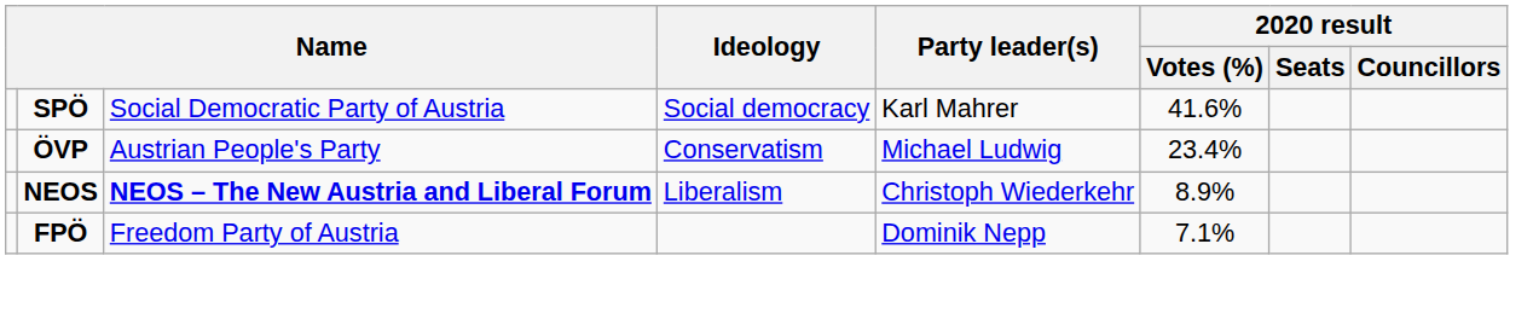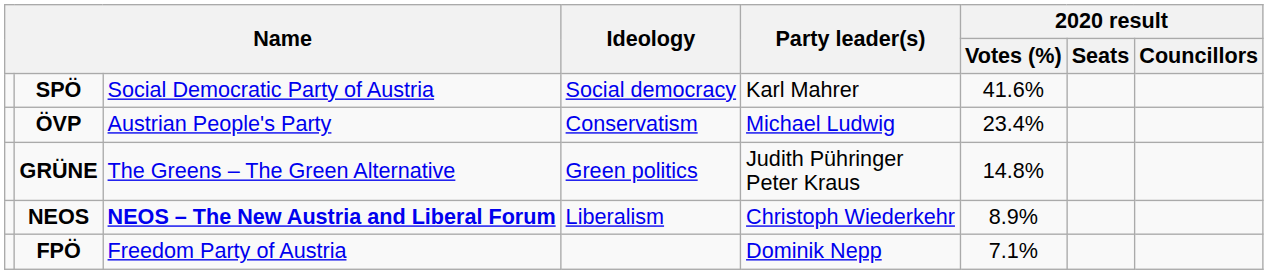 <table class="wikitable">
 <tr>
 <th colspan="3" rowspan="2">Name</th>
 <th rowspan="2">Ideology</th>
 <th rowspan="2">Party leader(s)</th>
 <th colspan="3">2020 result</th>
 </tr>
 <tr>
 <th>Votes (%)</th>
 <th>Seats</th>
 <th>Councillors</th>
 </tr>
 <tr>
 <td style="background:"></td>
 <td style="text-align:center;"><strong>SPÖ</strong></td>
 <td><a href='#'>Social Democratic Party of Austria</a> <br> </td>
 <td><a href='#'>Social democracy</a></td>
 <td>Karl Mahrer</td>
 <td style="text-align:center;">41.6%</td>
 <td></td>
 <td></td>
 </tr>
 <tr>
 <td style="background:"></td>
 <td style="text-align:center;"><strong>ÖVP</strong></td>
 <td><a href='#'>Austrian People's Party</a> <br> </td>
 <td><a href='#'>Conservatism</a></td>
 <td><a href='#'>Michael Ludwig</a></td>
 <td style="text-align:center;">23.4%</td>
 <td></td>
 <td></td>
 </tr>
 <tr>
 <td style="background:"></td>
+<td style="text-align:center;"><strong>GRÜNE</strong></td>
+<td><a href='#'>The Greens – The Green Alternative</a> <br> </td>
+<td><a href='#'>Green politics</a></td>
+<td>Judith Pühringer <br> Peter Kraus</td>
+<td style="text-align:center;">14.8%</td>
+<td></td>
+<td></td>
+</tr>
+<tr>
+<td style="background:"></td>
 <td style="text-align:center;"><strong>NEOS</strong></td>
 <td><strong><a href='#'>NEOS – The New Austria and Liberal Forum</a> <br> </strong></td>
 <td><a href='#'>Liberalism</a></td>
 <td><a href='#'>Christoph Wiederkehr</a></td>
 <td style="text-align:center;">8.9%</td>
 <td></td>
 <td></td>
 </tr>
 <tr>
 <td style="background:"></td>
 <td style="text-align:center;"><strong>FPÖ</strong></td>
 <td><a href='#'>Freedom Party of Austria</a> <br> </td>
 <td></td>
 <td><a href='#'>Dominik Nepp</a></td>
 <td style="text-align:center;">7.1%</td>
 <td></td>
 <td></td>
 </tr>
 </table>
